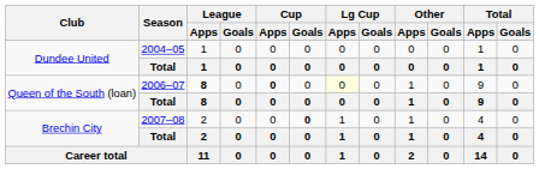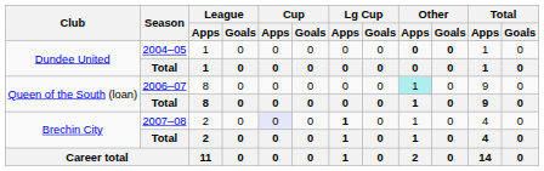 <table class="wikitable" style="font-size:95%; text-align:center">
 <tr>
 <th rowspan="2">Club</th>
 <th rowspan="2">Season</th>
 <th colspan="2">League</th>
 <th colspan="2">Cup</th>
 <th colspan="2">Lg Cup</th>
 <th colspan="2">Other</th>
 <th colspan="2">Total</th>
 </tr>
 <tr>
 <th>Apps</th>
 <th>Goals</th>
 <th>Apps</th>
 <th>Goals</th>
 <th>Apps</th>
 <th>Goals</th>
 <th>Apps</th>
 <th>Goals</th>
 <th>Apps</th>
 <th>Goals</th>
 </tr>
 <tr>
 <td rowspan="2"><a href='#'>Dundee United</a></td>
 <td><a href='#'>2004–05</a></td>
 <td>1</td>
 <td>0</td>
 <td>0</td>
 <td>0</td>
 <td>0</td>
 <td>0</td>
-<td>0</td>
-<td>0</td>
+<td><strong>0</strong></td>
+<td><strong>0</strong></td>
 <td>1</td>
 <td>0</td>
 </tr>
 <tr>
 <th>Total</th>
 <th>1</th>
 <th>0</th>
 <th>0</th>
 <th>0</th>
 <th>0</th>
 <th>0</th>
 <th>0</th>
 <th>0</th>
 <th>1</th>
 <th>0</th>
 </tr>
 <tr>
 <td rowspan="2"><a href='#'>Queen of the South</a> (loan)</td>
 <td><a href='#'>2006–07</a></td>
-<td><strong>8</strong></td>
+<td>8</td>
 <td>0</td>
-<td><strong>0</strong></td>
 <td>0</td>
-<td style="background: lightyellow;">0</td>
 <td>0</td>
-<td>1</td>
+<td>0</td>
+<td>0</td>
+<td style="background: paleturquoise;">1</td>
 <td>0</td>
 <td>9</td>
 <td>0</td>
 </tr>
 <tr>
 <th>Total</th>
 <th>8</th>
 <th>0</th>
 <th>0</th>
 <th>0</th>
 <th>0</th>
 <th>0</th>
 <th>1</th>
 <th>0</th>
 <th>9</th>
 <th>0</th>
 </tr>
 <tr>
 <td rowspan="2"><a href='#'>Brechin City</a></td>
 <td><a href='#'>2007–08</a></td>
 <td>2</td>
 <td>0</td>
+<td style="background: lavender;">0</td>
 <td>0</td>
-<td><strong>0</strong></td>
-<td>1</td>
+<td><strong>1</strong></td>
 <td>0</td>
 <td>1</td>
 <td>0</td>
 <td>4</td>
 <td>0</td>
 </tr>
 <tr>
 <th>Total</th>
 <th>2</th>
 <th>0</th>
 <th>0</th>
 <th>0</th>
 <th>1</th>
 <th>0</th>
 <th>1</th>
 <th>0</th>
 <th>4</th>
 <th>0</th>
 </tr>
 <tr>
 <th colspan="2">Career total</th>
 <th>11</th>
 <th>0</th>
 <th>0</th>
 <th>0</th>
 <th>1</th>
 <th>0</th>
 <th>2</th>
 <th>0</th>
 <th>14</th>
 <th>0</th>
 </tr>
 </table>
